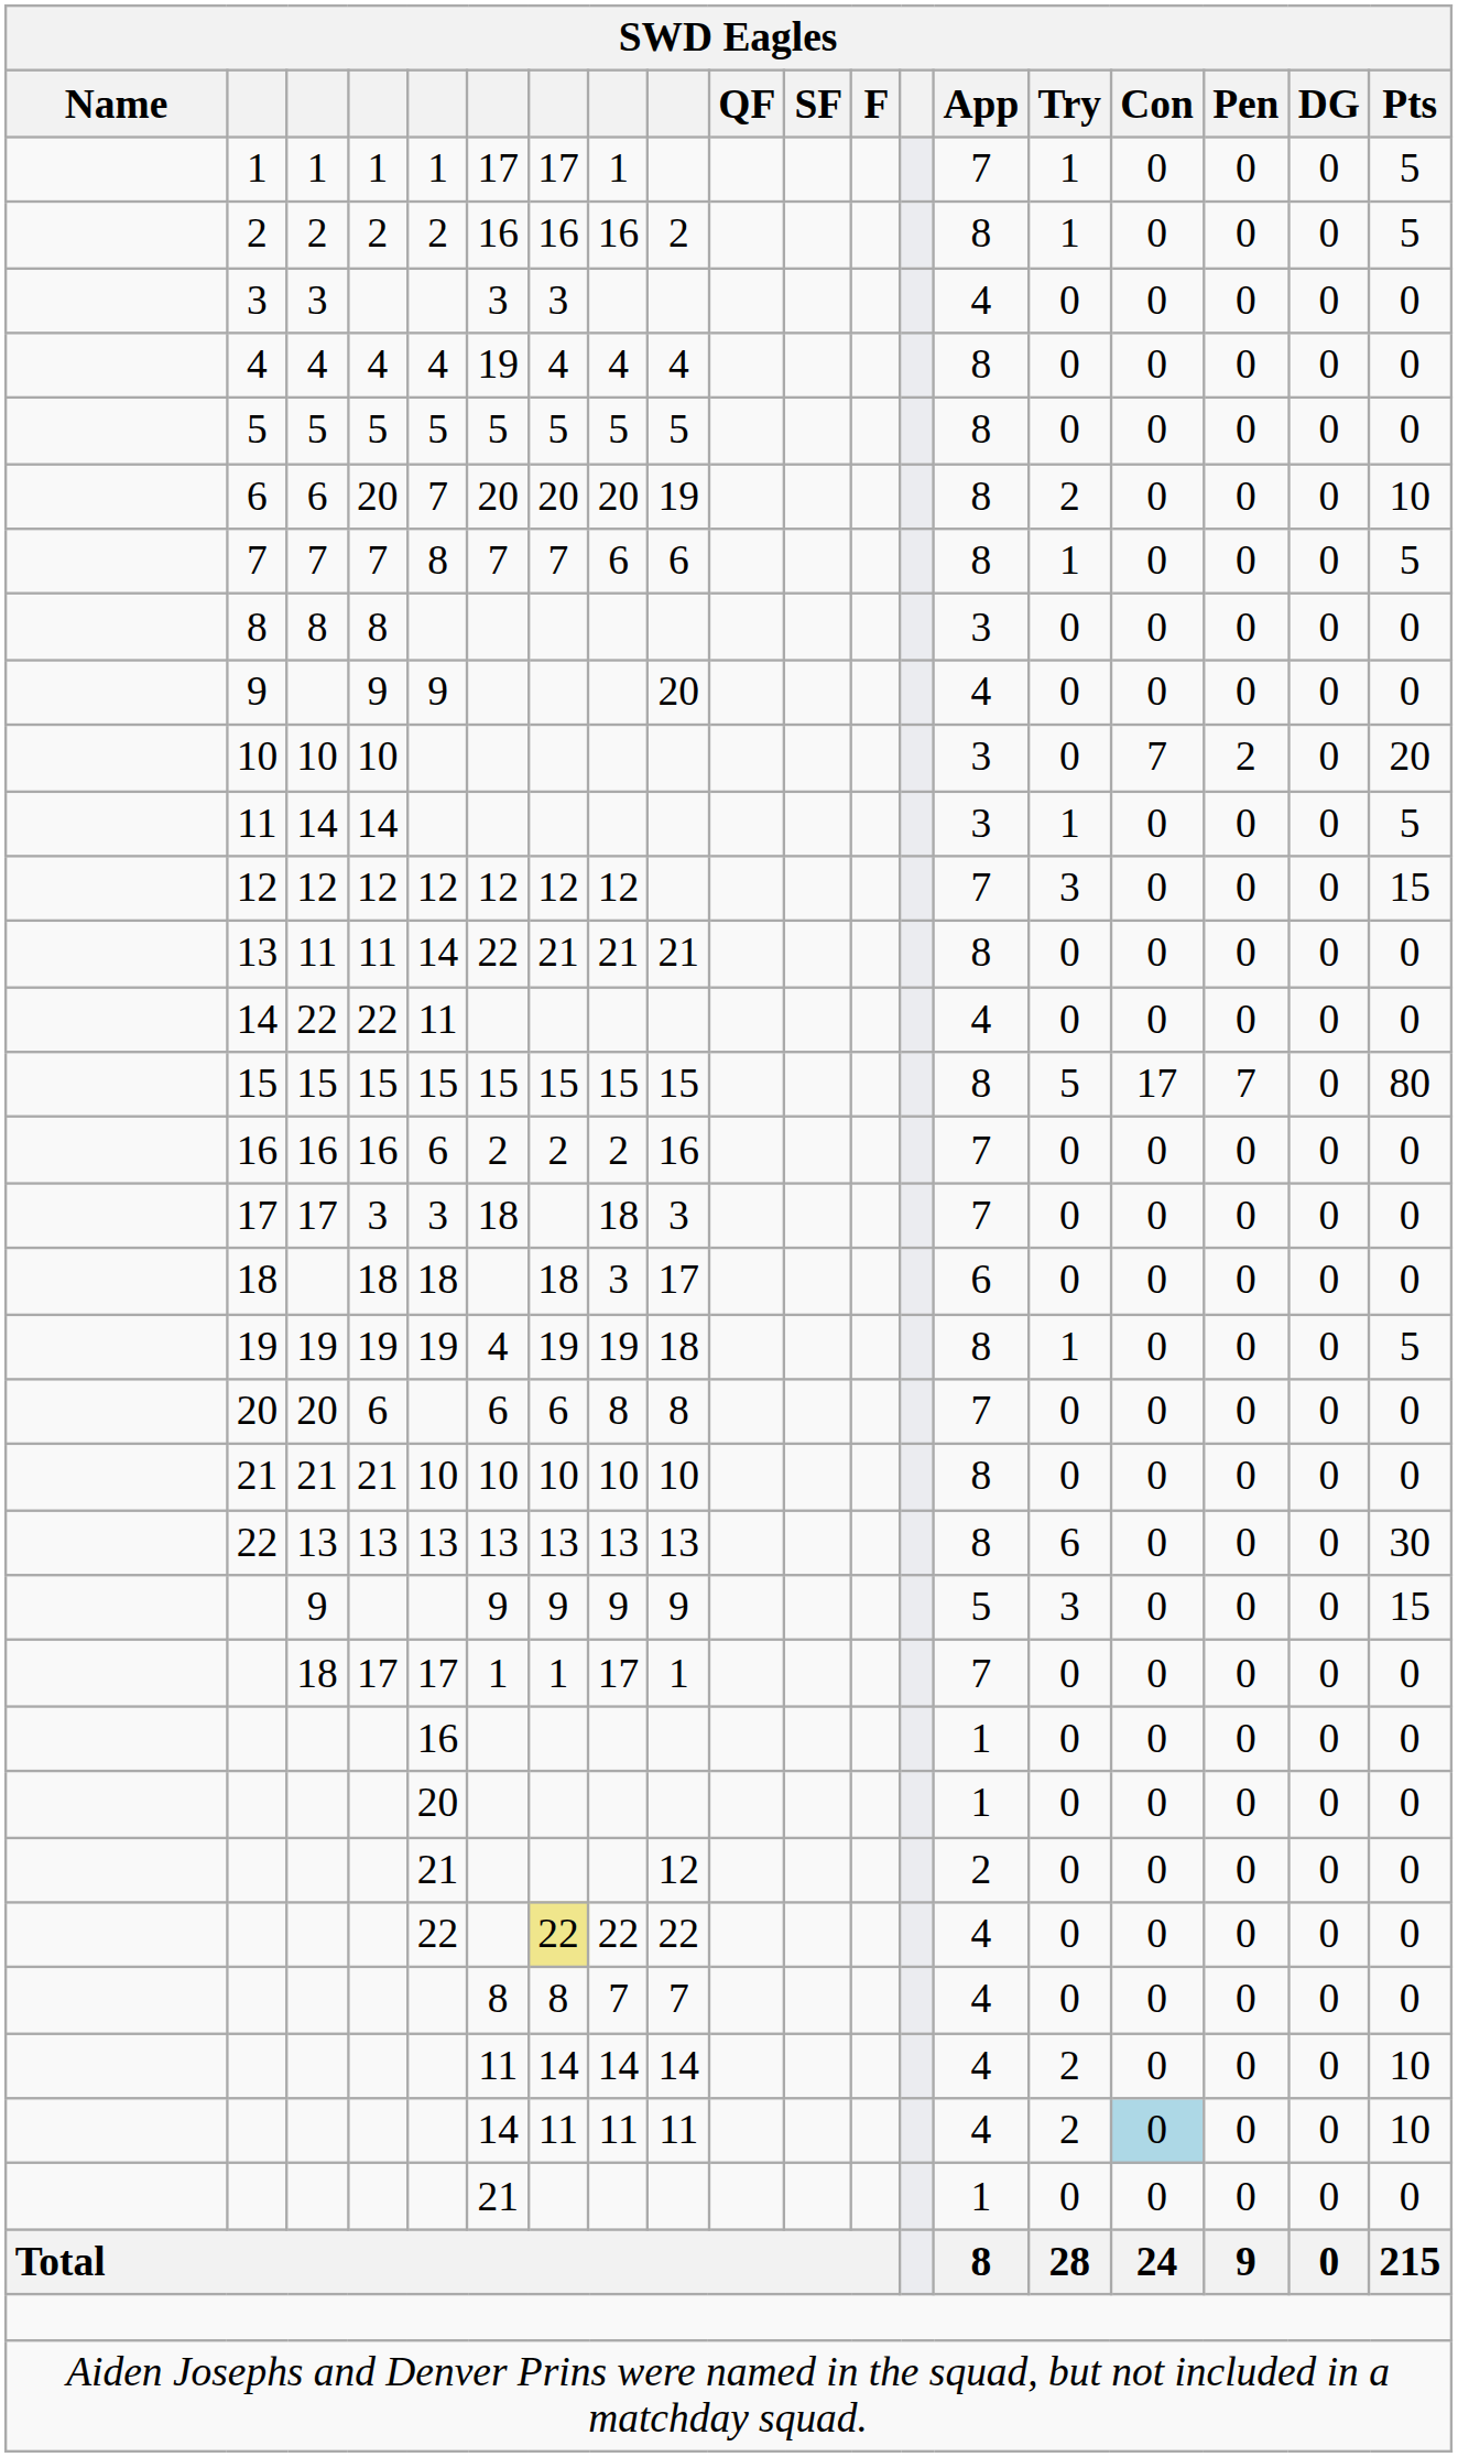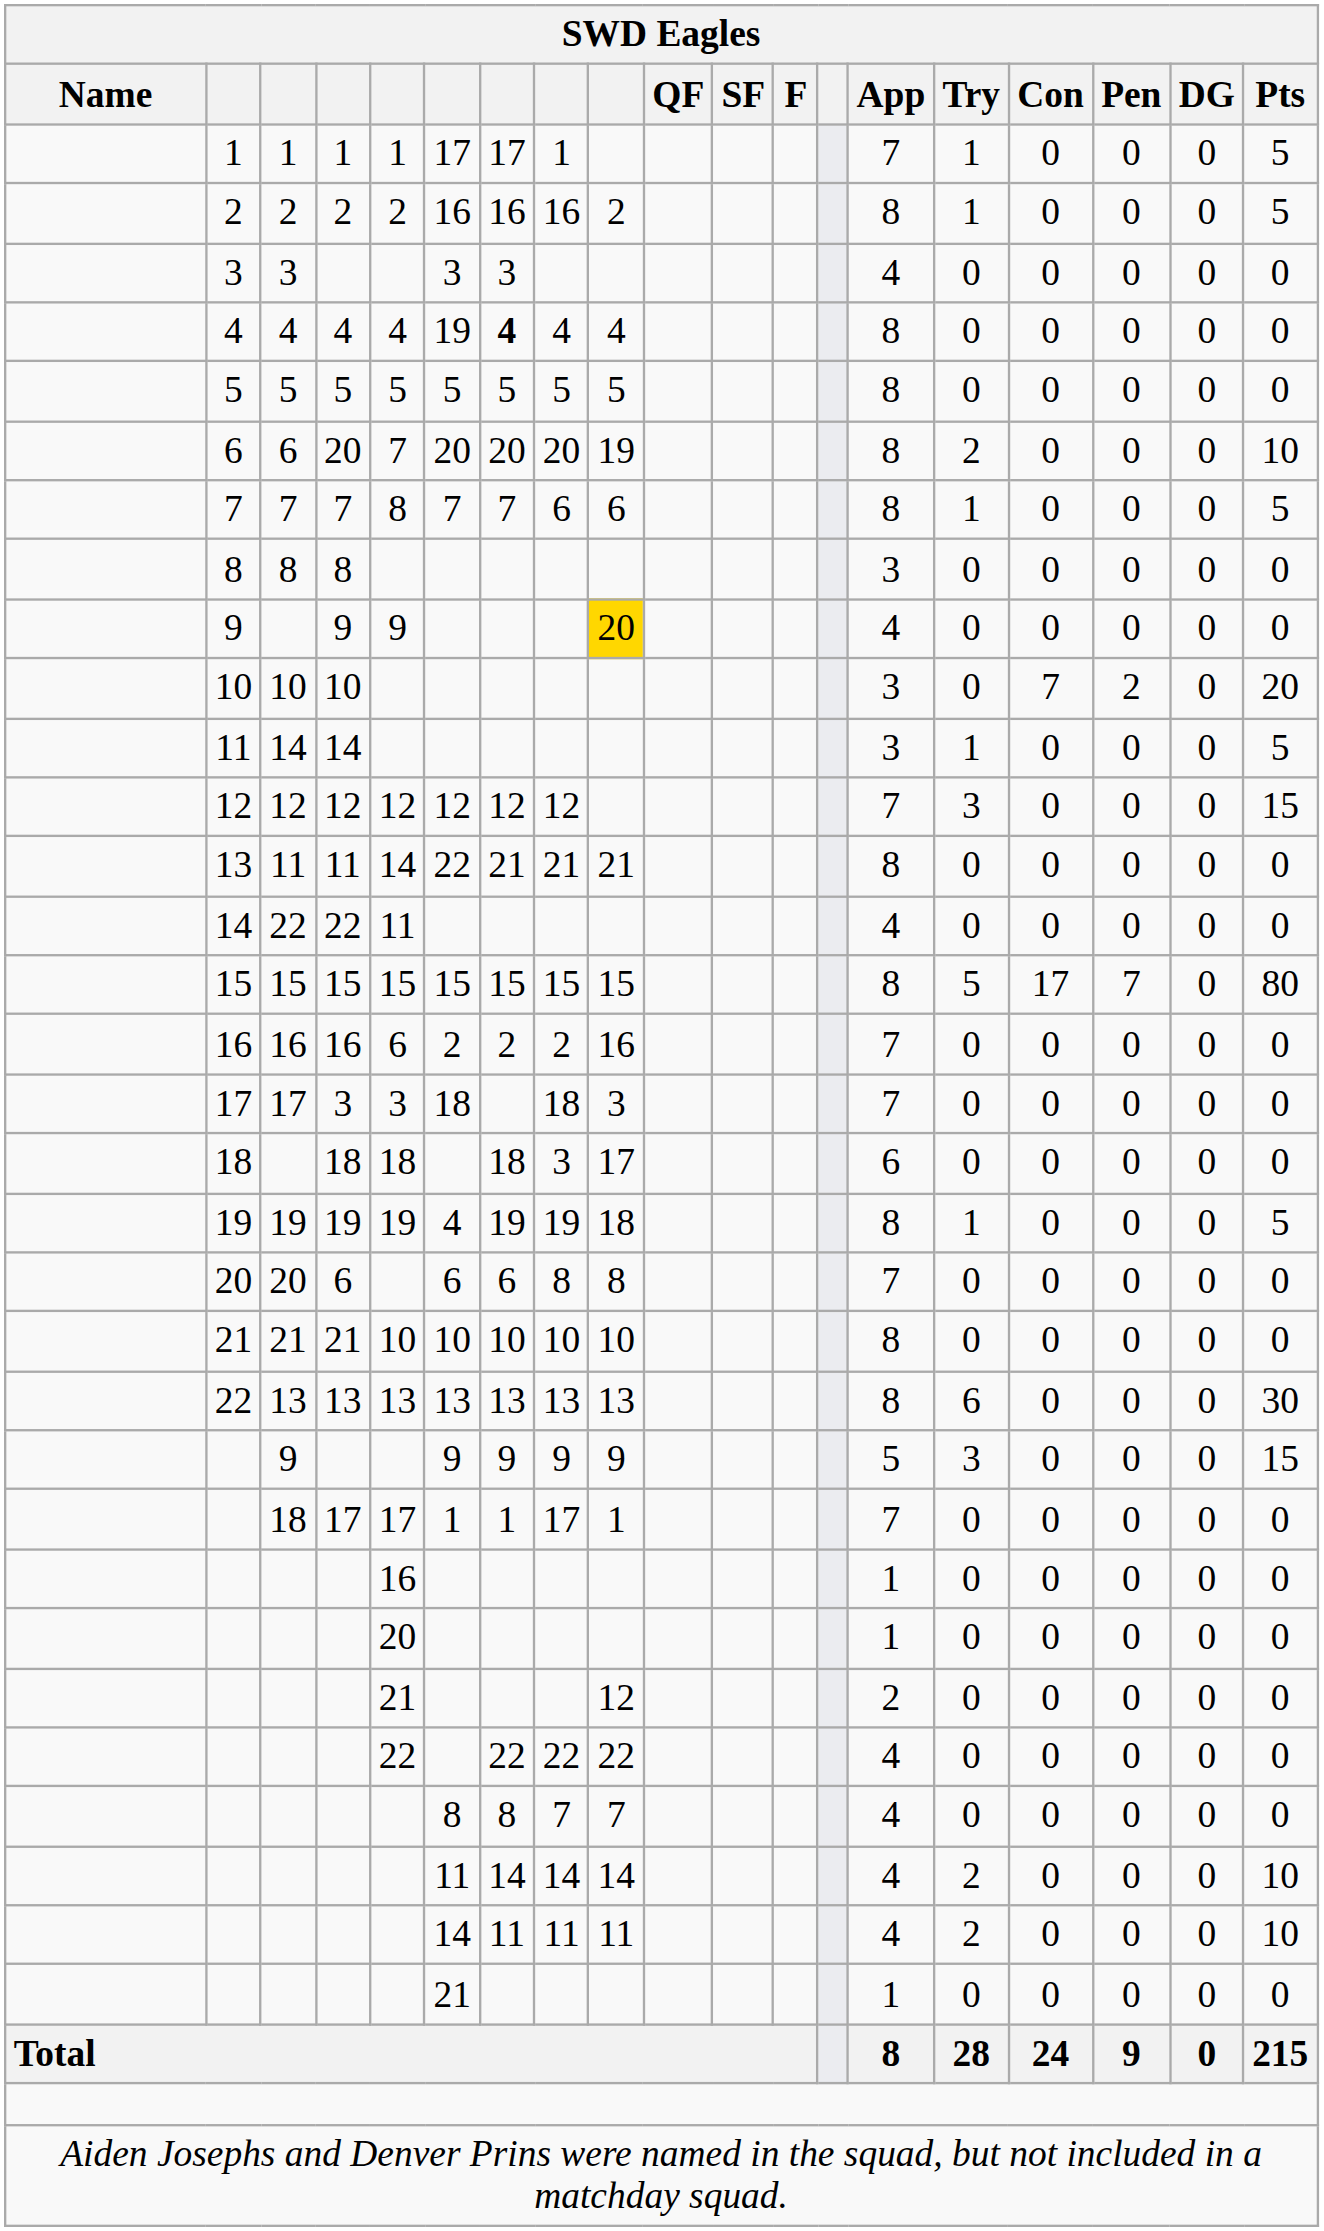 <table class="wikitable collapsible collapsed" style="text-align:center; font-size:100%; width:90%">
 <tr>
 <th colspan="100%">SWD Eagles</th>
 </tr>
 <tr>
 <th style="width:28%;">Name</th>
 <th style="width:4%;"></th>
 <th style="width:4%;"></th>
 <th style="width:4%;"></th>
 <th style="width:4%;"></th>
 <th style="width:4%;"></th>
 <th style="width:4%;"></th>
 <th style="width:4%;"></th>
 <th style="width:4%;"></th>
 <th style="width:4%;">QF</th>
 <th style="width:4%;">SF</th>
 <th style="width:4%;">F</th>
 <th style="width:4%;"></th>
 <th style="width:4%;">App</th>
 <th style="width:4%;">Try</th>
 <th style="width:4%;">Con</th>
 <th style="width:4%;">Pen</th>
 <th style="width:4%;">DG</th>
 <th style="width:4%;">Pts</th>
 </tr>
 <tr>
 <td style="text-align:left;"></td>
 <td>1</td>
 <td>1</td>
 <td>1</td>
 <td>1</td>
 <td>17 </td>
 <td>17 </td>
 <td>1</td>
 <td></td>
 <td></td>
 <td></td>
 <td></td>
 <td style="background:#EBECF0;"></td>
 <td>7</td>
 <td>1</td>
 <td>0</td>
 <td>0</td>
 <td>0</td>
 <td>5</td>
 </tr>
 <tr>
 <td style="text-align:left;"></td>
 <td>2</td>
 <td>2</td>
 <td>2</td>
 <td>2</td>
 <td>16 </td>
 <td>16 </td>
 <td>16 </td>
 <td>2</td>
 <td></td>
 <td></td>
 <td></td>
 <td style="background:#EBECF0;"></td>
 <td>8</td>
 <td>1</td>
 <td>0</td>
 <td>0</td>
 <td>0</td>
 <td>5</td>
 </tr>
 <tr>
 <td style="text-align:left;"></td>
 <td>3</td>
 <td>3</td>
 <td></td>
 <td></td>
 <td>3</td>
 <td>3</td>
 <td></td>
 <td></td>
 <td></td>
 <td></td>
 <td></td>
 <td style="background:#EBECF0;"></td>
 <td>4</td>
 <td>0</td>
 <td>0</td>
 <td>0</td>
 <td>0</td>
 <td>0</td>
 </tr>
 <tr>
 <td style="text-align:left;"></td>
 <td>4</td>
 <td>4</td>
 <td>4</td>
 <td>4</td>
 <td>19 </td>
-<td>4</td>
+<td><strong>4</strong></td>
 <td>4</td>
 <td>4</td>
 <td></td>
 <td></td>
 <td></td>
 <td style="background:#EBECF0;"></td>
 <td>8</td>
 <td>0</td>
 <td>0</td>
 <td>0</td>
 <td>0</td>
 <td>0</td>
 </tr>
 <tr>
 <td style="text-align:left;"></td>
 <td>5</td>
 <td>5</td>
 <td>5</td>
 <td>5</td>
 <td>5</td>
 <td>5</td>
 <td>5</td>
 <td>5</td>
 <td></td>
 <td></td>
 <td></td>
 <td style="background:#EBECF0;"></td>
 <td>8</td>
 <td>0</td>
 <td>0</td>
 <td>0</td>
 <td>0</td>
 <td>0</td>
 </tr>
 <tr>
 <td style="text-align:left;"></td>
 <td>6</td>
 <td>6</td>
 <td>20 </td>
 <td>7</td>
 <td>20 </td>
 <td>20 </td>
 <td>20 </td>
 <td>19 </td>
 <td></td>
 <td></td>
 <td></td>
 <td style="background:#EBECF0;"></td>
 <td>8</td>
 <td>2</td>
 <td>0</td>
 <td>0</td>
 <td>0</td>
 <td>10</td>
 </tr>
 <tr>
 <td style="text-align:left;"></td>
 <td>7</td>
 <td>7</td>
 <td>7</td>
 <td>8</td>
 <td>7</td>
 <td>7</td>
 <td>6</td>
 <td>6</td>
 <td></td>
 <td></td>
 <td></td>
 <td style="background:#EBECF0;"></td>
 <td>8</td>
 <td>1</td>
 <td>0</td>
 <td>0</td>
 <td>0</td>
 <td>5</td>
 </tr>
 <tr>
 <td style="text-align:left;"></td>
 <td>8</td>
 <td>8</td>
 <td>8</td>
 <td></td>
 <td></td>
 <td></td>
 <td></td>
 <td></td>
 <td></td>
 <td></td>
 <td></td>
 <td style="background:#EBECF0;"></td>
 <td>3</td>
 <td>0</td>
 <td>0</td>
 <td>0</td>
 <td>0</td>
 <td>0</td>
 </tr>
 <tr>
 <td style="text-align:left;"></td>
 <td>9</td>
 <td></td>
 <td>9</td>
 <td>9</td>
 <td></td>
 <td></td>
 <td></td>
-<td>20 </td>
+<td style="background: gold;">20 </td>
 <td></td>
 <td></td>
 <td></td>
 <td style="background:#EBECF0;"></td>
 <td>4</td>
 <td>0</td>
 <td>0</td>
 <td>0</td>
 <td>0</td>
 <td>0</td>
 </tr>
 <tr>
 <td style="text-align:left;"></td>
 <td>10</td>
 <td>10</td>
 <td>10</td>
 <td></td>
 <td></td>
 <td></td>
 <td></td>
 <td></td>
 <td></td>
 <td></td>
 <td></td>
 <td style="background:#EBECF0;"></td>
 <td>3</td>
 <td>0</td>
 <td>7</td>
 <td>2</td>
 <td>0</td>
 <td>20</td>
 </tr>
 <tr>
 <td style="text-align:left;"></td>
 <td>11</td>
 <td>14</td>
 <td>14</td>
 <td></td>
 <td></td>
 <td></td>
 <td></td>
 <td></td>
 <td></td>
 <td></td>
 <td></td>
 <td style="background:#EBECF0;"></td>
 <td>3</td>
 <td>1</td>
 <td>0</td>
 <td>0</td>
 <td>0</td>
 <td>5</td>
 </tr>
 <tr>
 <td style="text-align:left;"></td>
 <td>12</td>
 <td>12</td>
 <td>12</td>
 <td>12</td>
 <td>12</td>
 <td>12</td>
 <td>12</td>
 <td></td>
 <td></td>
 <td></td>
 <td></td>
 <td style="background:#EBECF0;"></td>
 <td>7</td>
 <td>3</td>
 <td>0</td>
 <td>0</td>
 <td>0</td>
 <td>15</td>
 </tr>
 <tr>
 <td style="text-align:left;"></td>
 <td>13</td>
 <td>11</td>
 <td>11</td>
 <td>14</td>
 <td>22 </td>
 <td>21 </td>
 <td>21 </td>
 <td>21 </td>
 <td></td>
 <td></td>
 <td></td>
 <td style="background:#EBECF0;"></td>
 <td>8</td>
 <td>0</td>
 <td>0</td>
 <td>0</td>
 <td>0</td>
 <td>0</td>
 </tr>
 <tr>
 <td style="text-align:left;"></td>
 <td>14</td>
 <td>22 </td>
 <td>22 </td>
 <td>11</td>
 <td></td>
 <td></td>
 <td></td>
 <td></td>
 <td></td>
 <td></td>
 <td></td>
 <td style="background:#EBECF0;"></td>
 <td>4</td>
 <td>0</td>
 <td>0</td>
 <td>0</td>
 <td>0</td>
 <td>0</td>
 </tr>
 <tr>
 <td style="text-align:left;"></td>
 <td>15</td>
 <td>15</td>
 <td>15</td>
 <td>15</td>
 <td>15</td>
 <td>15</td>
 <td>15</td>
 <td>15</td>
 <td></td>
 <td></td>
 <td></td>
 <td style="background:#EBECF0;"></td>
 <td>8</td>
 <td>5</td>
 <td>17</td>
 <td>7</td>
 <td>0</td>
 <td>80</td>
 </tr>
 <tr>
 <td style="text-align:left;"></td>
 <td>16 </td>
 <td>16 </td>
 <td>16</td>
 <td>6</td>
 <td>2</td>
 <td>2</td>
 <td>2</td>
 <td>16 </td>
 <td></td>
 <td></td>
 <td></td>
 <td style="background:#EBECF0;"></td>
 <td>7</td>
 <td>0</td>
 <td>0</td>
 <td>0</td>
 <td>0</td>
 <td>0</td>
 </tr>
 <tr>
 <td style="text-align:left;"></td>
 <td>17 </td>
 <td>17 </td>
 <td>3</td>
 <td>3</td>
 <td>18 </td>
 <td></td>
 <td>18 </td>
 <td>3</td>
 <td></td>
 <td></td>
 <td></td>
 <td style="background:#EBECF0;"></td>
 <td>7</td>
 <td>0</td>
 <td>0</td>
 <td>0</td>
 <td>0</td>
 <td>0</td>
 </tr>
 <tr>
 <td style="text-align:left;"></td>
 <td>18 </td>
 <td></td>
 <td>18 </td>
 <td>18 </td>
 <td></td>
 <td>18 </td>
 <td>3</td>
 <td>17 </td>
 <td></td>
 <td></td>
 <td></td>
 <td style="background:#EBECF0;"></td>
 <td>6</td>
 <td>0</td>
 <td>0</td>
 <td>0</td>
 <td>0</td>
 <td>0</td>
 </tr>
 <tr>
 <td style="text-align:left;"></td>
 <td>19 </td>
 <td>19 </td>
 <td>19 </td>
 <td>19 </td>
 <td>4</td>
 <td>19 </td>
 <td>19 </td>
 <td>18 </td>
 <td></td>
 <td></td>
 <td></td>
 <td style="background:#EBECF0;"></td>
 <td>8</td>
 <td>1</td>
 <td>0</td>
 <td>0</td>
 <td>0</td>
 <td>5</td>
 </tr>
 <tr>
 <td style="text-align:left;"></td>
 <td>20 </td>
 <td>20 </td>
 <td>6</td>
 <td></td>
 <td>6</td>
 <td>6</td>
 <td>8</td>
 <td>8</td>
 <td></td>
 <td></td>
 <td></td>
 <td style="background:#EBECF0;"></td>
 <td>7</td>
 <td>0</td>
 <td>0</td>
 <td>0</td>
 <td>0</td>
 <td>0</td>
 </tr>
 <tr>
 <td style="text-align:left;"></td>
 <td>21 </td>
 <td>21 </td>
 <td>21 </td>
 <td>10</td>
 <td>10</td>
 <td>10</td>
 <td>10</td>
 <td>10</td>
 <td></td>
 <td></td>
 <td></td>
 <td style="background:#EBECF0;"></td>
 <td>8</td>
 <td>0</td>
 <td>0</td>
 <td>0</td>
 <td>0</td>
 <td>0</td>
 </tr>
 <tr>
 <td style="text-align:left;"></td>
 <td>22 </td>
 <td>13</td>
 <td>13</td>
 <td>13</td>
 <td>13</td>
 <td>13</td>
 <td>13</td>
 <td>13</td>
 <td></td>
 <td></td>
 <td></td>
 <td style="background:#EBECF0;"></td>
 <td>8</td>
 <td>6</td>
 <td>0</td>
 <td>0</td>
 <td>0</td>
 <td>30</td>
 </tr>
 <tr>
 <td style="text-align:left;"></td>
 <td></td>
 <td>9</td>
 <td></td>
 <td></td>
 <td>9</td>
 <td>9</td>
 <td>9</td>
 <td>9</td>
 <td></td>
 <td></td>
 <td></td>
 <td style="background:#EBECF0;"></td>
 <td>5</td>
 <td>3</td>
 <td>0</td>
 <td>0</td>
 <td>0</td>
 <td>15</td>
 </tr>
 <tr>
 <td style="text-align:left;"></td>
 <td></td>
 <td>18 </td>
 <td>17 </td>
 <td>17 </td>
 <td>1</td>
 <td>1</td>
 <td>17 </td>
 <td>1</td>
 <td></td>
 <td></td>
 <td></td>
 <td style="background:#EBECF0;"></td>
 <td>7</td>
 <td>0</td>
 <td>0</td>
 <td>0</td>
 <td>0</td>
 <td>0</td>
 </tr>
 <tr>
 <td style="text-align:left;"></td>
 <td></td>
 <td></td>
 <td></td>
 <td>16 </td>
 <td></td>
 <td></td>
 <td></td>
 <td></td>
 <td></td>
 <td></td>
 <td></td>
 <td style="background:#EBECF0;"></td>
 <td>1</td>
 <td>0</td>
 <td>0</td>
 <td>0</td>
 <td>0</td>
 <td>0</td>
 </tr>
 <tr>
 <td style="text-align:left;"></td>
 <td></td>
 <td></td>
 <td></td>
 <td>20 </td>
 <td></td>
 <td></td>
 <td></td>
 <td></td>
 <td></td>
 <td></td>
 <td></td>
 <td style="background:#EBECF0;"></td>
 <td>1</td>
 <td>0</td>
 <td>0</td>
 <td>0</td>
 <td>0</td>
 <td>0</td>
 </tr>
 <tr>
 <td style="text-align:left;"></td>
 <td></td>
 <td></td>
 <td></td>
 <td>21 </td>
 <td></td>
 <td></td>
 <td></td>
 <td>12</td>
 <td></td>
 <td></td>
 <td></td>
 <td style="background:#EBECF0;"></td>
 <td>2</td>
 <td>0</td>
 <td>0</td>
 <td>0</td>
 <td>0</td>
 <td>0</td>
 </tr>
 <tr>
 <td style="text-align:left;"></td>
 <td></td>
 <td></td>
 <td></td>
 <td>22 </td>
 <td></td>
-<td style="background: khaki;">22 </td>
+<td>22 </td>
 <td>22 </td>
 <td>22 </td>
 <td></td>
 <td></td>
 <td></td>
 <td style="background:#EBECF0;"></td>
 <td>4</td>
 <td>0</td>
 <td>0</td>
 <td>0</td>
 <td>0</td>
 <td>0</td>
 </tr>
 <tr>
 <td style="text-align:left;"></td>
 <td></td>
 <td></td>
 <td></td>
 <td></td>
 <td>8</td>
 <td>8</td>
 <td>7</td>
 <td>7</td>
 <td></td>
 <td></td>
 <td></td>
 <td style="background:#EBECF0;"></td>
 <td>4</td>
 <td>0</td>
 <td>0</td>
 <td>0</td>
 <td>0</td>
 <td>0</td>
 </tr>
 <tr>
 <td style="text-align:left;"></td>
 <td></td>
 <td></td>
 <td></td>
 <td></td>
 <td>11</td>
 <td>14</td>
 <td>14</td>
 <td>14</td>
 <td></td>
 <td></td>
 <td></td>
 <td style="background:#EBECF0;"></td>
 <td>4</td>
 <td>2</td>
 <td>0</td>
 <td>0</td>
 <td>0</td>
 <td>10</td>
 </tr>
 <tr>
 <td style="text-align:left;"></td>
 <td></td>
 <td></td>
 <td></td>
 <td></td>
 <td>14</td>
 <td>11</td>
 <td>11</td>
 <td>11</td>
 <td></td>
 <td></td>
 <td></td>
 <td style="background:#EBECF0;"></td>
 <td>4</td>
 <td>2</td>
-<td style="background: lightblue;">0</td>
+<td>0</td>
 <td>0</td>
 <td>0</td>
 <td>10</td>
 </tr>
 <tr>
 <td style="text-align:left;"></td>
 <td></td>
 <td></td>
 <td></td>
 <td></td>
 <td>21 </td>
 <td></td>
 <td></td>
 <td></td>
 <td></td>
 <td></td>
 <td></td>
 <td style="background:#EBECF0;"></td>
 <td>1</td>
 <td>0</td>
 <td>0</td>
 <td>0</td>
 <td>0</td>
 <td>0</td>
 </tr>
 <tr>
 <th colspan="12" style="text-align:left;">Total</th>
 <th style="background:#EBECF0;"></th>
 <th>8</th>
 <th>28</th>
 <th>24</th>
 <th>9</th>
 <th>0</th>
 <th>215</th>
 </tr>
 <tr class="sortbottom">
 <td colspan="100%" style="height: 10px;"></td>
 </tr>
 <tr class="sortbottom">
 <td colspan="100%" style="text-align:center;"><em>Aiden Josephs and Denver Prins were named in the squad, but not included in a matchday squad.</em></td>
 </tr>
 </table>
